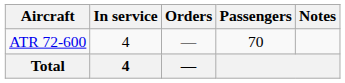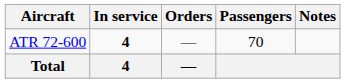 <table class="wikitable" style="margin:1em auto; border-collapse:collapse;text-align:center">
 <tr>
 <th>Aircraft</th>
 <th>In service</th>
 <th>Orders</th>
 <th>Passengers</th>
 <th>Notes</th>
 </tr>
 <tr>
 <td><a href='#'>ATR 72-600</a></td>
-<td>4</td>
+<td><strong>4</strong></td>
 <td>—</td>
 <td>70</td>
 <td></td>
 </tr>
 <tr>
 <th>Total</th>
 <th>4</th>
 <th>—</th>
 <th colspan="2"></th>
 </tr>
 </table>
